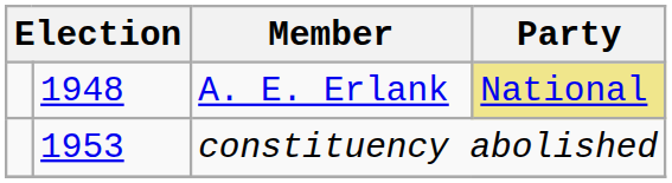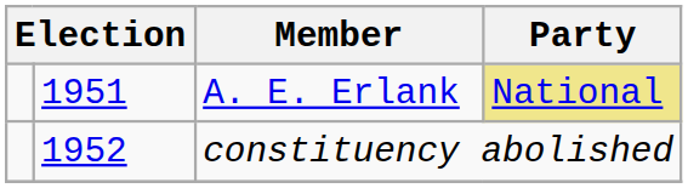 <table class="wikitable">
 <tr>
 <th colspan="2">Election</th>
 <th>Member</th>
 <th>Party</th>
 </tr>
 <tr>
 <td style="background-color: "></td>
-<td><a href='#'>1948</a></td>
+<td><a href='#'>1951</a></td>
 <td><a href='#'>A. E. Erlank</a></td>
 <td style="background: khaki;"><a href='#'>National</a></td>
 </tr>
 <tr>
 <td style="background-color: "></td>
-<td><a href='#'>1953</a></td>
+<td><a href='#'>1952</a></td>
 <td colspan="2"><em>constituency abolished</em></td>
 </tr>
 <tr>
 </tr>
 </table>
